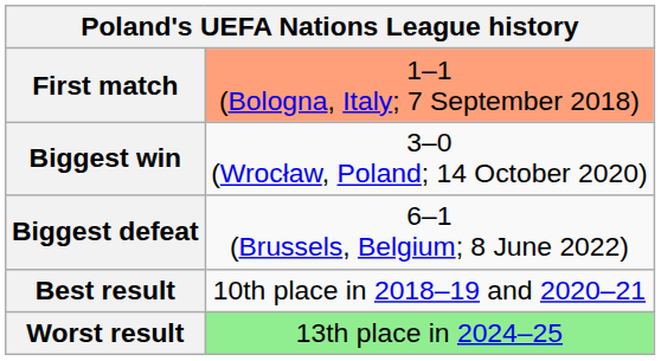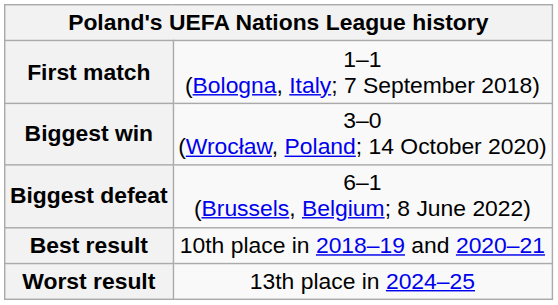 <table class="wikitable" style="text-align: center">
 <tr>
 <th colspan=11>Poland's UEFA Nations League history</th>
 </tr>
 <tr>
 <th>First match</th>
-<td style="background: lightsalmon;"> 1–1 <br>(<a href='#'>Bologna</a>, <a href='#'>Italy</a>; 7 September 2018)</td>
+<td> 1–1 <br>(<a href='#'>Bologna</a>, <a href='#'>Italy</a>; 7 September 2018)</td>
 </tr>
 <tr>
 <th>Biggest win</th>
 <td> 3–0 <br>(<a href='#'>Wrocław</a>, <a href='#'>Poland</a>; 14 October 2020)</td>
 </tr>
 <tr>
 <th>Biggest defeat</th>
 <td> 6–1 <br>(<a href='#'>Brussels</a>, <a href='#'>Belgium</a>; 8 June 2022)</td>
 </tr>
 <tr>
 <th>Best result</th>
 <td>10th place in <a href='#'>2018–19</a> and <a href='#'>2020–21</a></td>
 </tr>
 <tr>
 <th>Worst result</th>
-<td style="background: lightgreen;">13th place in <a href='#'>2024–25</a></td>
+<td>13th place in <a href='#'>2024–25</a></td>
 </tr>
 </table>
